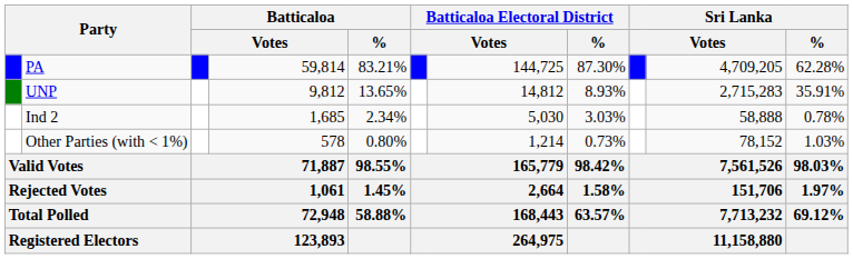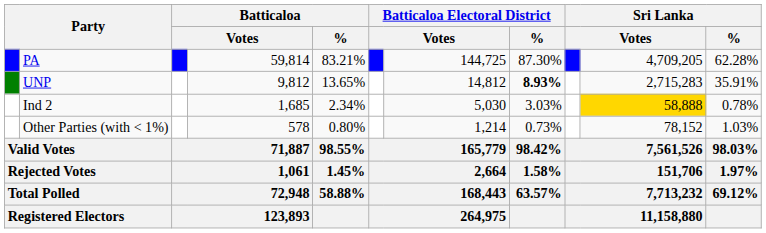 <table class="wikitable">
 <tr>
 <th colspan="2" width="144px"rowspan="2">Party</th>
 <th colspan="3" width="216px">Batticaloa</th>
 <th colspan="3" width="216px"><a href='#'>Batticaloa Electoral District</a></th>
 <th colspan="3" width="216px">Sri Lanka</th>
 </tr>
 <tr>
 <th colspan="2" width="144px">Votes</th>
 <th>%</th>
 <th colspan="2" width="144px">Votes</th>
 <th>%</th>
 <th colspan="2" width="144px">Votes</th>
 <th>%</th>
 </tr>
 <tr>
 <td style="background-color:blue;" width="10px"></td>
 <td style="text-align:left;"><a href='#'>PA</a></td>
 <td style="background-color:blue;" width="10px"></td>
 <td style="text-align:right;">59,814</td>
 <td style="text-align:right;">83.21%</td>
 <td style="background-color:blue;" width="10px"></td>
 <td style="text-align:right;">144,725</td>
 <td style="text-align:right;">87.30%</td>
 <td style="background-color:blue;" width="10px"></td>
 <td style="text-align:right;">4,709,205</td>
 <td style="text-align:right;">62.28%</td>
 </tr>
 <tr>
 <td style="background-color:green;" width="10px"></td>
 <td style="text-align:left;"><a href='#'>UNP</a></td>
 <td style="background-color:white;" width="10px"></td>
 <td style="text-align:right;">9,812</td>
 <td style="text-align:right;">13.65%</td>
 <td style="background-color:white;" width="10px"></td>
 <td style="text-align:right;">14,812</td>
-<td style="text-align:right;">8.93%</td>
+<td style="text-align:right;"><strong>8.93%</strong></td>
 <td style="background-color:white;" width="10px"></td>
 <td style="text-align:right;">2,715,283</td>
 <td style="text-align:right;">35.91%</td>
 </tr>
 <tr>
 <td style="background-color:white;" width="10px"></td>
 <td style="text-align:left;">Ind 2</td>
 <td style="background-color:white;" width="10px"></td>
 <td style="text-align:right;">1,685</td>
 <td style="text-align:right;">2.34%</td>
 <td style="background-color:white;" width="10px"></td>
 <td style="text-align:right;">5,030</td>
 <td style="text-align:right;">3.03%</td>
 <td style="background-color:white;" width="10px"></td>
-<td style="text-align:right;">58,888</td>
+<td style="background: gold; text-align:right;">58,888</td>
 <td style="text-align:right;">0.78%</td>
 </tr>
 <tr>
 <td style="background-color:white;" width="10px"></td>
 <td style="text-align:left;">Other Parties (with < 1%)</td>
 <td style="background-color:white;" width="10px"></td>
 <td style="text-align:right;">578</td>
 <td style="text-align:right;">0.80%</td>
 <td style="background-color:white;" width="10px"></td>
 <td style="text-align:right;">1,214</td>
 <td style="text-align:right;">0.73%</td>
 <td style="background-color:white;" width="10px"></td>
 <td style="text-align:right;">78,152</td>
 <td style="text-align:right;">1.03%</td>
 </tr>
 <tr>
 <th colspan="2" width="144px"style="text-align:left;">Valid Votes</th>
 <th style="text-align:right;"colspan="2" width="144px">71,887</th>
 <th style="text-align:right;">98.55%</th>
 <th style="text-align:right;"colspan="2" width="144px">165,779</th>
 <th style="text-align:right;">98.42%</th>
 <th style="text-align:right;"colspan="2" width="144px">7,561,526</th>
 <th style="text-align:right;">98.03%</th>
 </tr>
 <tr>
 <th colspan="2" width="144px"style="text-align:left;">Rejected Votes</th>
 <th style="text-align:right;"colspan="2" width="144px">1,061</th>
 <th style="text-align:right;">1.45%</th>
 <th style="text-align:right;"colspan="2" width="144px">2,664</th>
 <th style="text-align:right;">1.58%</th>
 <th style="text-align:right;"colspan="2" width="144px">151,706</th>
 <th style="text-align:right;">1.97%</th>
 </tr>
 <tr>
 <th colspan="2" width="144px"style="text-align:left;">Total Polled</th>
 <th style="text-align:right;"colspan="2" width="144px">72,948</th>
 <th style="text-align:right;">58.88%</th>
 <th style="text-align:right;"colspan="2" width="144px">168,443</th>
 <th style="text-align:right;">63.57%</th>
 <th style="text-align:right;"colspan="2" width="144px">7,713,232</th>
 <th style="text-align:right;">69.12%</th>
 </tr>
 <tr>
 <th colspan="2" width="144px"style="text-align:left;">Registered Electors</th>
 <th style="text-align:right;"colspan="2" width="144px">123,893</th>
 <th></th>
 <th style="text-align:right;"colspan="2" width="144px">264,975</th>
 <th></th>
 <th style="text-align:right;"colspan="2" width="144px">11,158,880</th>
 <th></th>
 </tr>
 </table>
